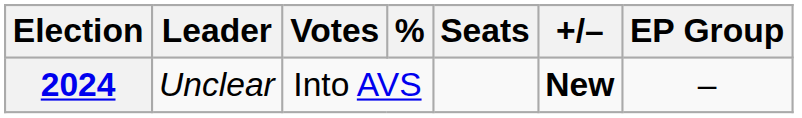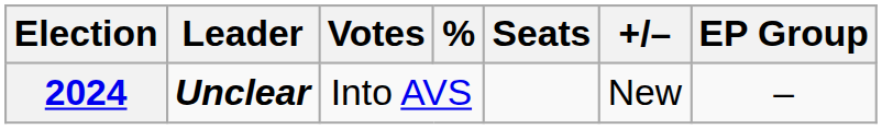 <table class="wikitable" style="text-align:center">
 <tr>
 <th>Election</th>
 <th>Leader</th>
 <th>Votes</th>
 <th>%</th>
 <th>Seats</th>
 <th>+/–</th>
 <th>EP Group</th>
 </tr>
 <tr>
 <th><a href='#'>2024</a></th>
-<td><em>Unclear</em></td>
+<td><strong><em>Unclear</em></strong></td>
 <td colspan="2">Into <a href='#'>AVS</a></td>
 <td></td>
-<td><strong>New</strong></td>
+<td>New</td>
 <td>–</td>
 </tr>
 </table>
